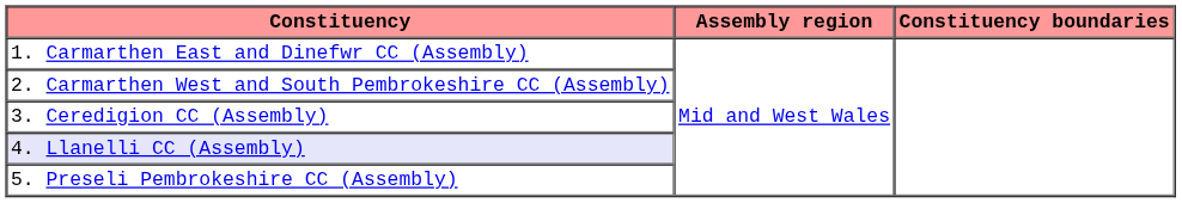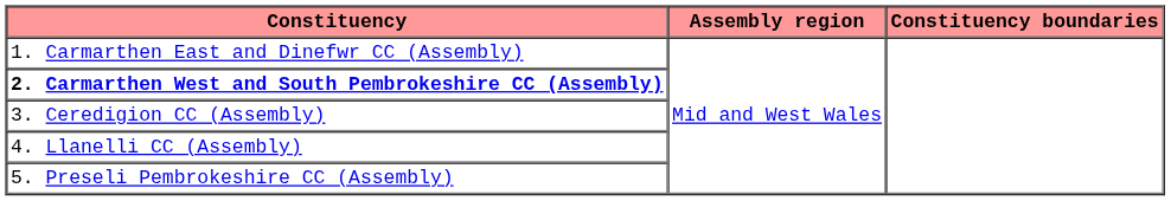 <table border=1 cellpadding="2" cellspacing="0">
 <tr>
 <th bgcolor="#ff9999">Constituency</th>
 <th bgcolor="#ff9999">Assembly region</th>
 <th bgcolor="#ff9999">Constituency boundaries</th>
 </tr>
 <tr>
 <td>1. <a href='#'>Carmarthen East and Dinefwr CC (Assembly)</a></td>
 <td rowspan=5><a href='#'>Mid and West Wales</a></td>
 <td rowspan=5></td>
 </tr>
 <tr>
-<td>2. <a href='#'>Carmarthen West and South Pembrokeshire CC (Assembly)</a></td>
+<td><strong>2. <a href='#'>Carmarthen West and South Pembrokeshire CC (Assembly)</a></strong></td>
 </tr>
 <tr>
 <td>3. <a href='#'>Ceredigion CC (Assembly)</a></td>
 </tr>
 <tr>
-<td style="background: lavender;">4. <a href='#'>Llanelli CC (Assembly)</a></td>
+<td>4. <a href='#'>Llanelli CC (Assembly)</a></td>
 </tr>
 <tr>
 <td>5. <a href='#'>Preseli Pembrokeshire CC (Assembly)</a></td>
 </tr>
 </table>
